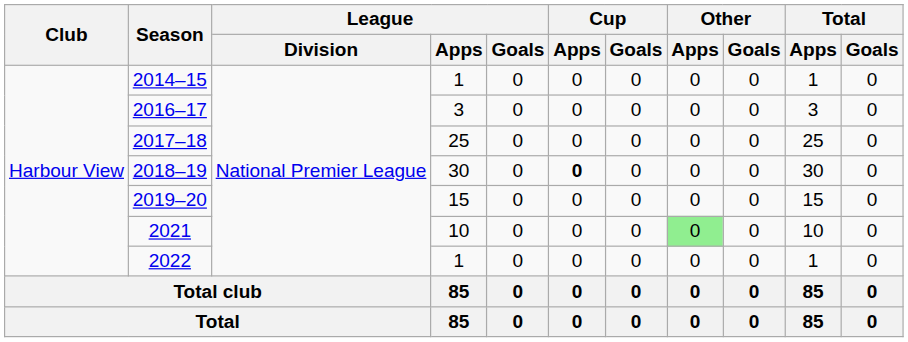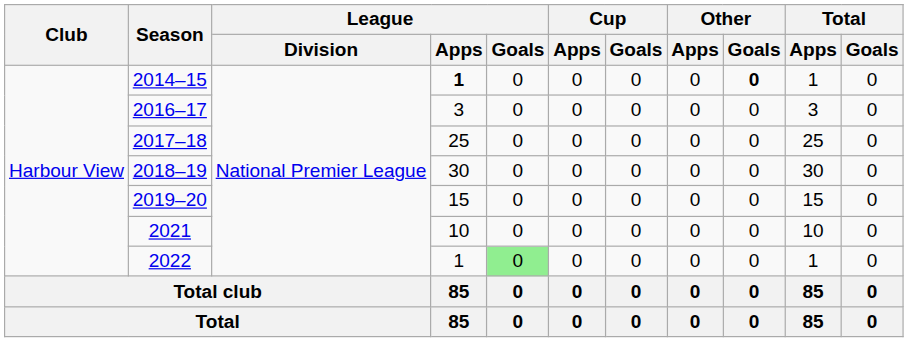 <table class="wikitable" style="text-align: center">
 <tr>
 <th rowspan="2">Club</th>
 <th rowspan="2">Season</th>
 <th colspan="3">League</th>
 <th colspan="2">Cup</th>
 <th colspan="2">Other</th>
 <th colspan="2">Total</th>
 </tr>
 <tr>
 <th>Division</th>
 <th>Apps</th>
 <th>Goals</th>
 <th>Apps</th>
 <th>Goals</th>
 <th>Apps</th>
 <th>Goals</th>
 <th>Apps</th>
 <th>Goals</th>
 </tr>
 <tr>
 <td rowspan="7"><a href='#'>Harbour View</a></td>
 <td><a href='#'>2014–15</a></td>
 <td rowspan="7"><a href='#'>National Premier League</a></td>
-<td>1</td>
+<td><strong>1</strong></td>
 <td>0</td>
 <td>0</td>
 <td>0</td>
 <td>0</td>
-<td>0</td>
+<td><strong>0</strong></td>
 <td>1</td>
 <td>0</td>
 </tr>
 <tr>
 <td><a href='#'>2016–17</a></td>
 <td>3</td>
 <td>0</td>
 <td>0</td>
 <td>0</td>
 <td>0</td>
 <td>0</td>
 <td>3</td>
 <td>0</td>
 </tr>
 <tr>
 <td><a href='#'>2017–18</a></td>
 <td>25</td>
 <td>0</td>
 <td>0</td>
 <td>0</td>
 <td>0</td>
 <td>0</td>
 <td>25</td>
 <td>0</td>
 </tr>
 <tr>
 <td><a href='#'>2018–19</a></td>
 <td>30</td>
 <td>0</td>
-<td><strong>0</strong></td>
+<td>0</td>
 <td>0</td>
 <td>0</td>
 <td>0</td>
 <td>30</td>
 <td>0</td>
 </tr>
 <tr>
 <td><a href='#'>2019–20</a></td>
 <td>15</td>
 <td>0</td>
 <td>0</td>
 <td>0</td>
 <td>0</td>
 <td>0</td>
 <td>15</td>
 <td>0</td>
 </tr>
 <tr>
 <td><a href='#'>2021</a></td>
 <td>10</td>
 <td>0</td>
 <td>0</td>
 <td>0</td>
-<td style="background: lightgreen;">0</td>
+<td>0</td>
 <td>0</td>
 <td>10</td>
 <td>0</td>
 </tr>
 <tr>
 <td><a href='#'>2022</a></td>
 <td>1</td>
-<td>0</td>
+<td style="background: lightgreen;">0</td>
 <td>0</td>
 <td>0</td>
 <td>0</td>
 <td>0</td>
 <td>1</td>
 <td>0</td>
 </tr>
 <tr>
 <th colspan="3"><strong>Total club</strong></th>
 <th>85</th>
 <th>0</th>
 <th>0</th>
 <th>0</th>
 <th>0</th>
 <th>0</th>
 <th>85</th>
 <th>0</th>
 </tr>
 <tr>
 <th colspan="3"><strong>Total</strong></th>
 <th>85</th>
 <th>0</th>
 <th>0</th>
 <th>0</th>
 <th>0</th>
 <th>0</th>
 <th>85</th>
 <th>0</th>
 </tr>
 </table>
